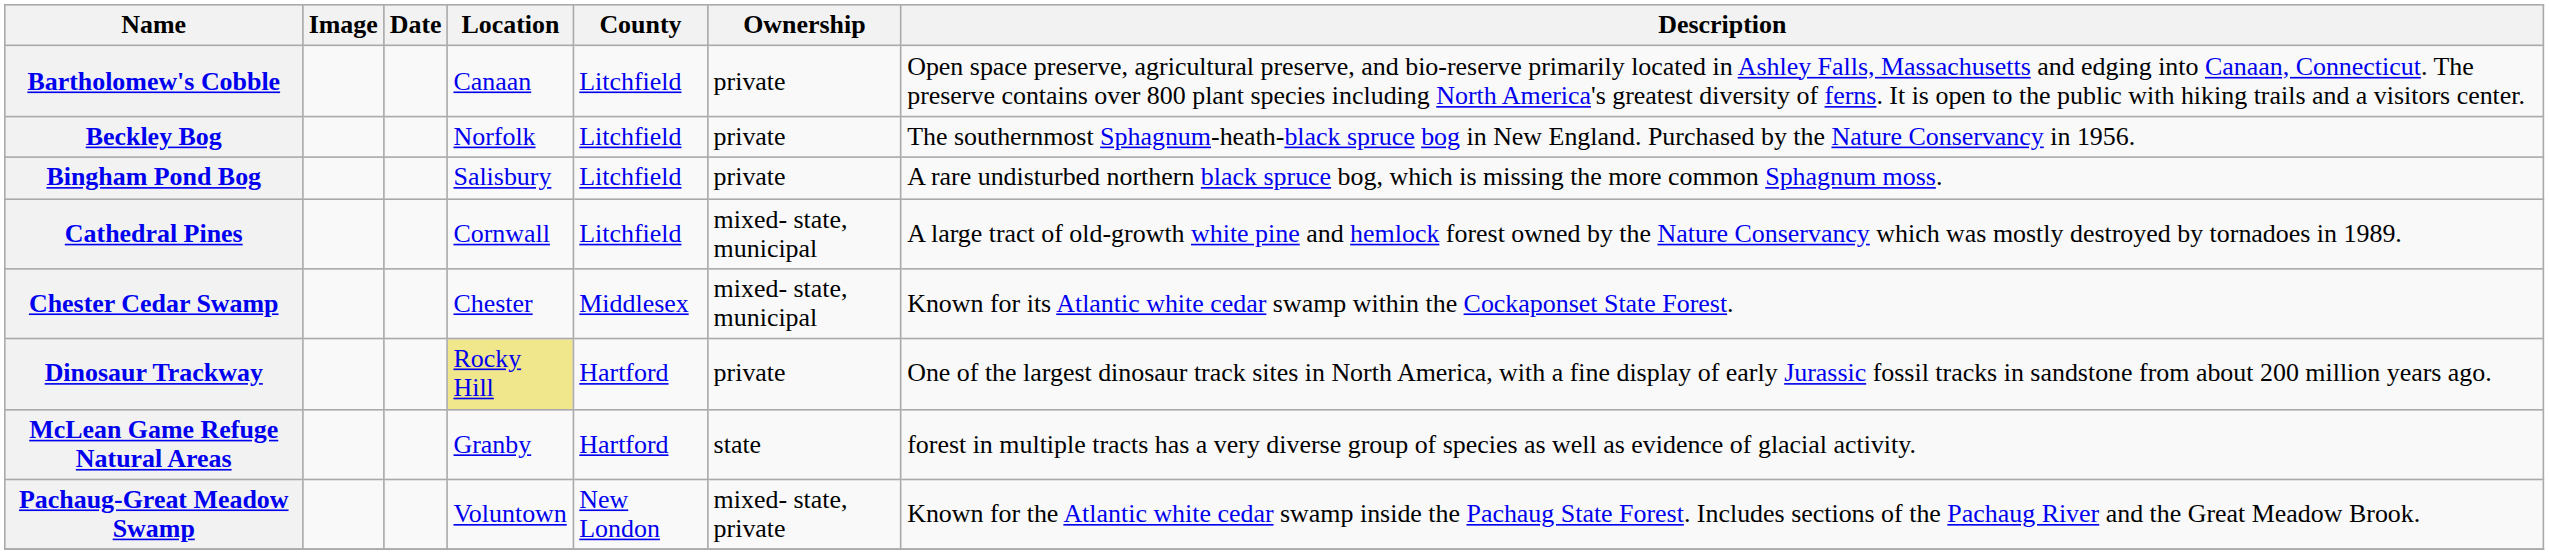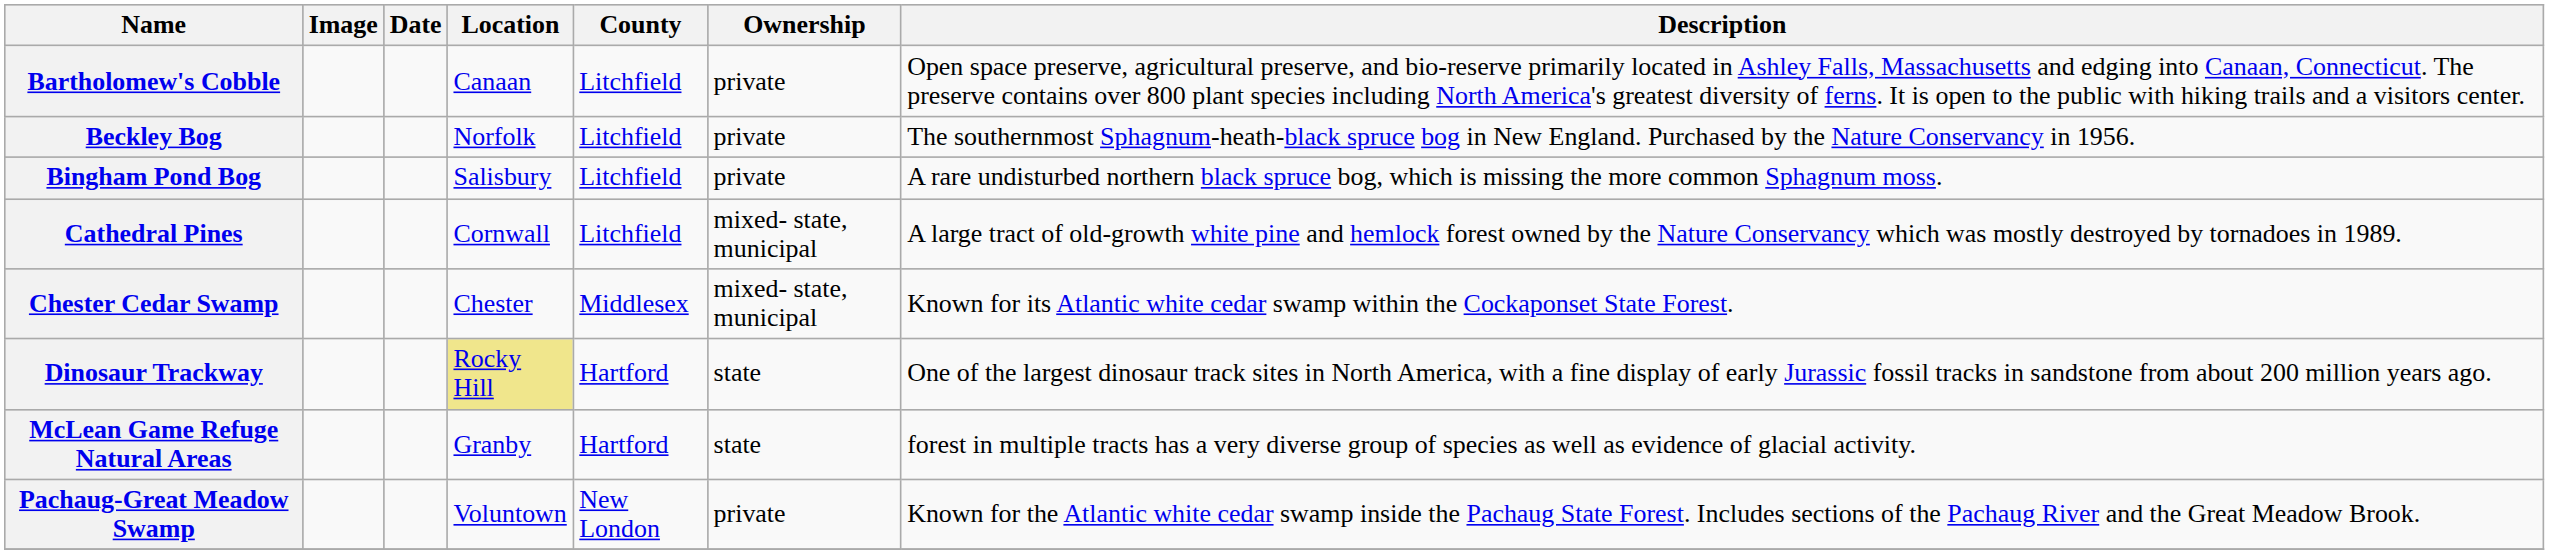 <table class="wikitable sortable" align="center">
 <tr>
 <th style="background-color:">Name</th>
 <th style="background-color:">Image</th>
 <th style="background-color:">Date</th>
 <th style="background-color:">Location</th>
 <th style="background-color:">County</th>
 <th style="background-color:">Ownership</th>
 <th style="background-color:">Description</th>
 </tr>
 <tr>
 <th><a href='#'>Bartholomew's Cobble</a></th>
 <td></td>
 <td></td>
 <td><a href='#'>Canaan</a> <small></small></td>
 <td><a href='#'>Litchfield</a></td>
 <td>private</td>
 <td>Open space preserve, agricultural preserve, and bio-reserve primarily located in <a href='#'>Ashley Falls, Massachusetts</a> and edging into <a href='#'>Canaan, Connecticut</a>. The preserve contains over 800 plant species including <a href='#'>North America</a>'s greatest diversity of <a href='#'>ferns</a>.  It is open to the public with hiking trails and a visitors center.</td>
 </tr>
 <tr>
 <th><a href='#'>Beckley Bog</a></th>
 <td></td>
 <td></td>
 <td><a href='#'>Norfolk</a> <small></small></td>
 <td><a href='#'>Litchfield</a></td>
 <td>private</td>
 <td>The southernmost <a href='#'>Sphagnum</a>-heath-<a href='#'>black spruce</a> <a href='#'>bog</a> in New England.  Purchased by the <a href='#'>Nature Conservancy</a> in 1956.</td>
 </tr>
 <tr>
 <th><a href='#'>Bingham Pond Bog</a></th>
 <td></td>
 <td></td>
 <td><a href='#'>Salisbury</a> <small></small></td>
 <td><a href='#'>Litchfield</a></td>
 <td>private</td>
 <td>A rare undisturbed northern <a href='#'>black spruce</a> bog, which is missing the more common <a href='#'>Sphagnum moss</a>.</td>
 </tr>
 <tr>
 <th><a href='#'>Cathedral Pines</a></th>
 <td></td>
 <td></td>
 <td><a href='#'>Cornwall</a> <small></small></td>
 <td><a href='#'>Litchfield</a></td>
 <td>mixed- state, municipal</td>
 <td>A large tract of  old-growth <a href='#'>white pine</a> and <a href='#'>hemlock</a> forest owned by the <a href='#'>Nature Conservancy</a> which was mostly destroyed by tornadoes in 1989.</td>
 </tr>
 <tr>
 <th><a href='#'>Chester Cedar Swamp</a></th>
 <td></td>
 <td></td>
 <td><a href='#'>Chester</a> <small></small></td>
 <td><a href='#'>Middlesex</a></td>
 <td>mixed- state, municipal</td>
 <td>Known for its <a href='#'>Atlantic white cedar</a> swamp within the <a href='#'>Cockaponset State Forest</a>.</td>
 </tr>
 <tr>
 <th><a href='#'>Dinosaur Trackway</a></th>
 <td></td>
 <td></td>
 <td style="background: khaki;"><a href='#'>Rocky Hill</a> <small></small></td>
 <td><a href='#'>Hartford</a></td>
-<td>private</td>
+<td>state</td>
 <td>One of the largest dinosaur track sites in North America, with a fine display of early <a href='#'>Jurassic</a> fossil tracks in sandstone from about 200 million years ago.</td>
 </tr>
 <tr>
 <th><a href='#'>McLean Game Refuge Natural Areas</a></th>
 <td></td>
 <td></td>
 <td><a href='#'>Granby</a> <small></small></td>
 <td><a href='#'>Hartford</a></td>
 <td>state</td>
 <td> forest in multiple tracts has a very diverse group of species as well as evidence of glacial activity.</td>
 </tr>
 <tr>
 <th><a href='#'>Pachaug-Great Meadow Swamp</a></th>
 <td></td>
 <td></td>
 <td><a href='#'>Voluntown</a> <small></small></td>
 <td><a href='#'>New London</a></td>
-<td>mixed- state, private</td>
+<td>private</td>
 <td>Known for the <a href='#'>Atlantic white cedar</a> swamp inside the <a href='#'>Pachaug State Forest</a>. Includes sections of the <a href='#'>Pachaug River</a> and the Great Meadow Brook.</td>
 </tr>
 <tr>
 </tr>
 </table>
